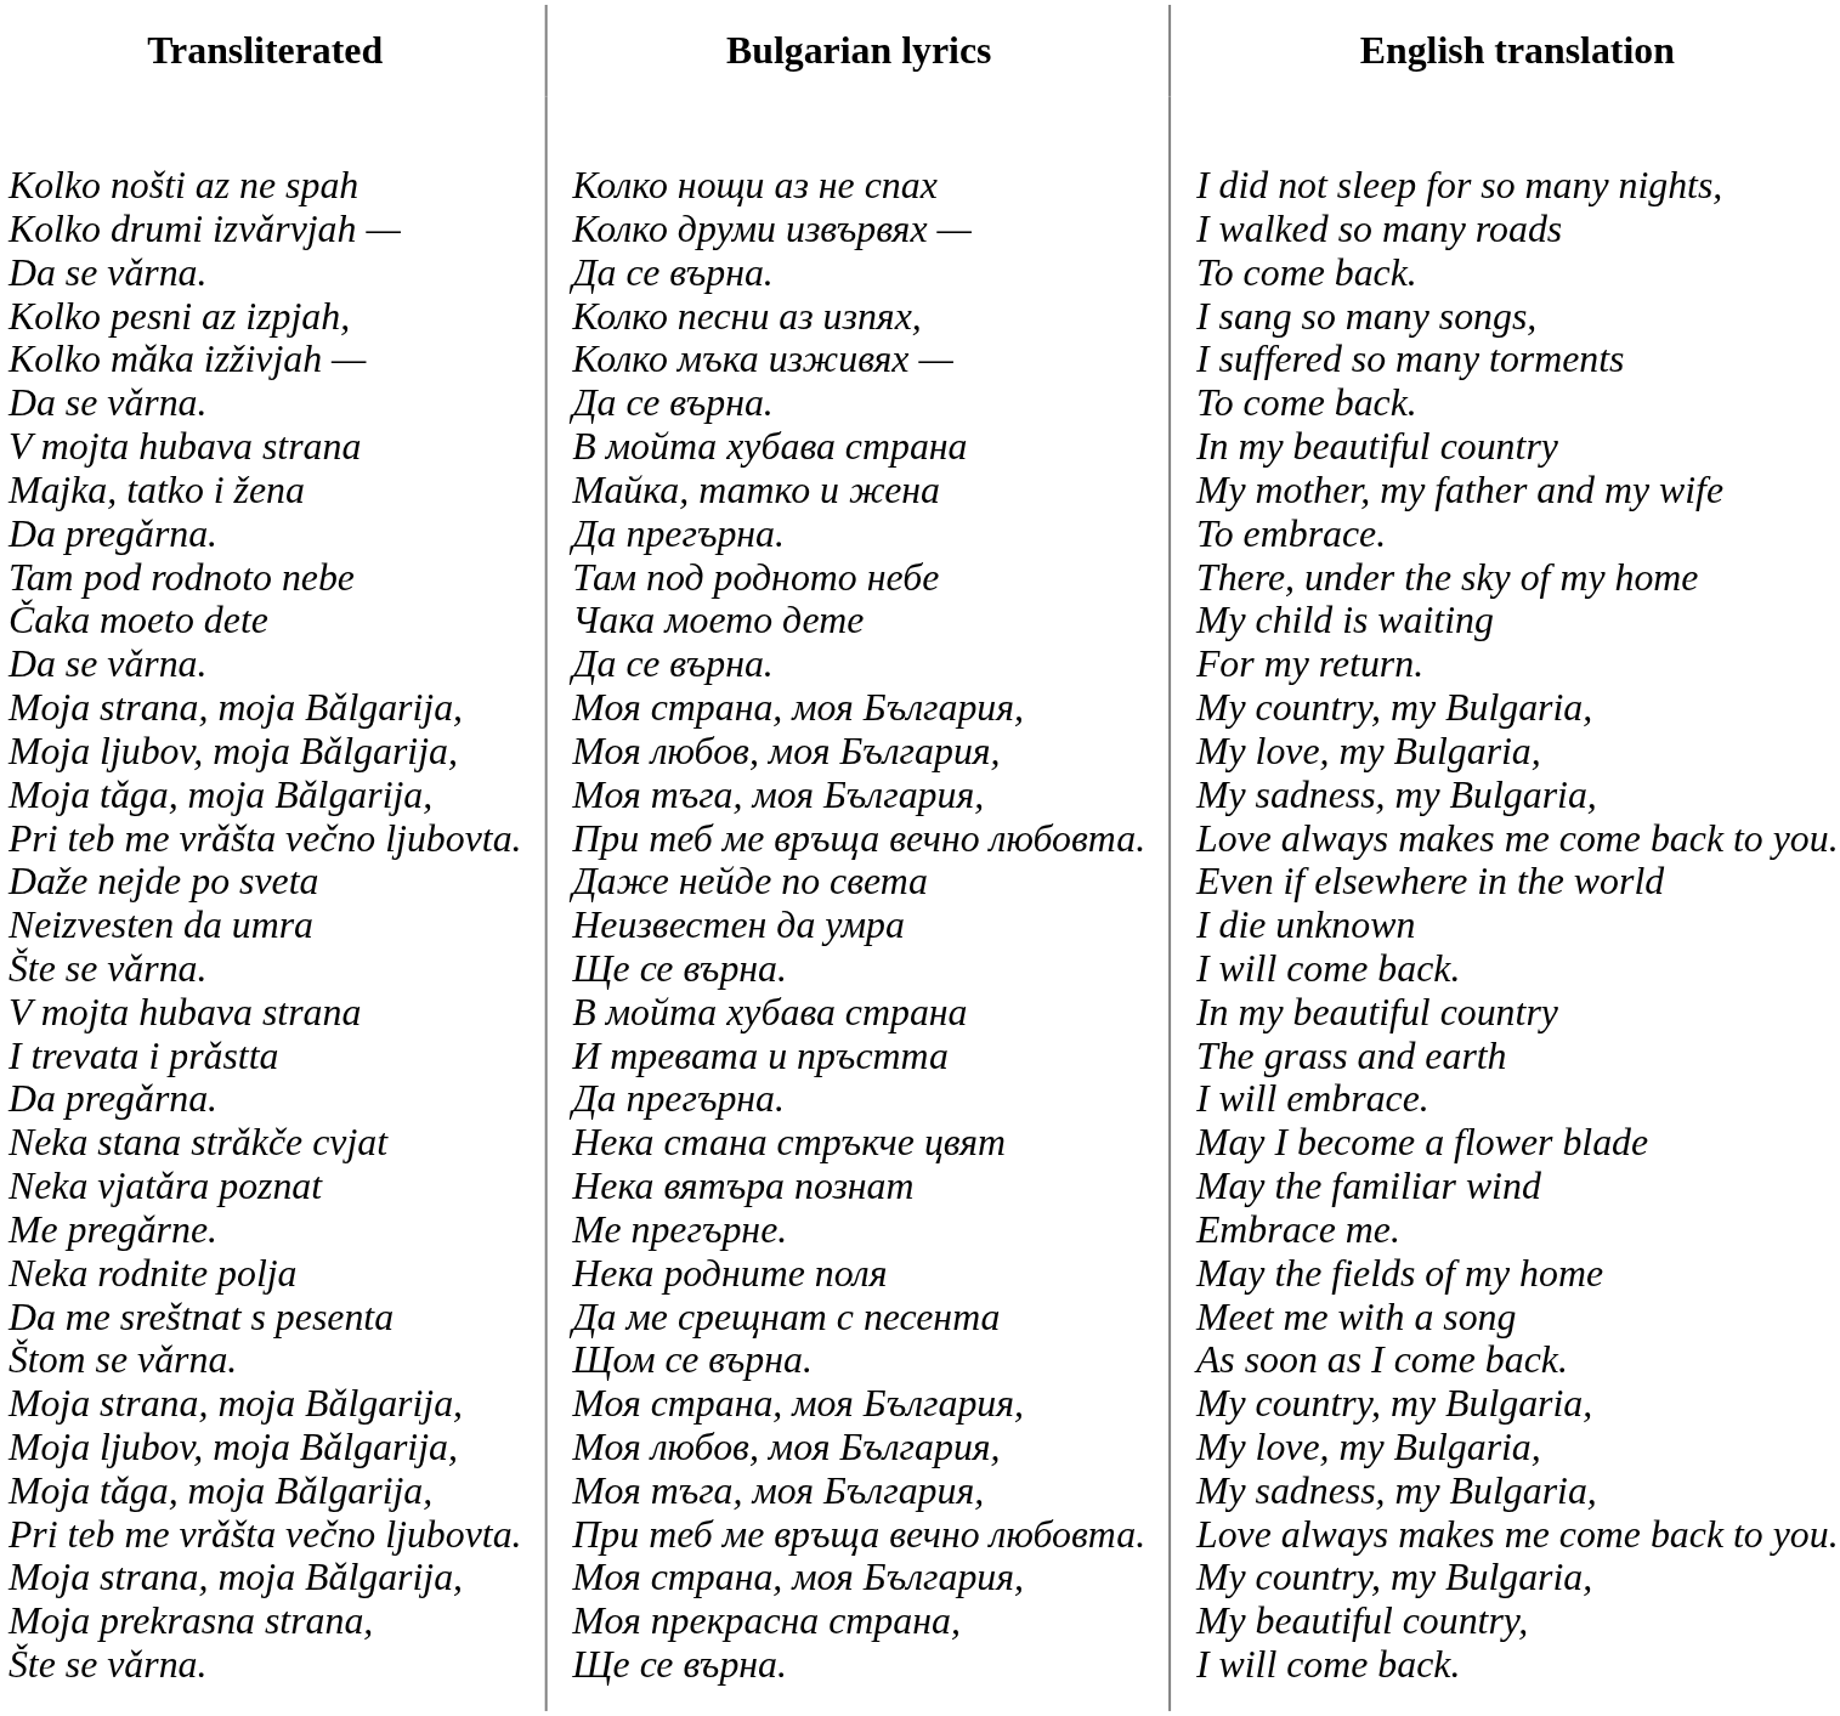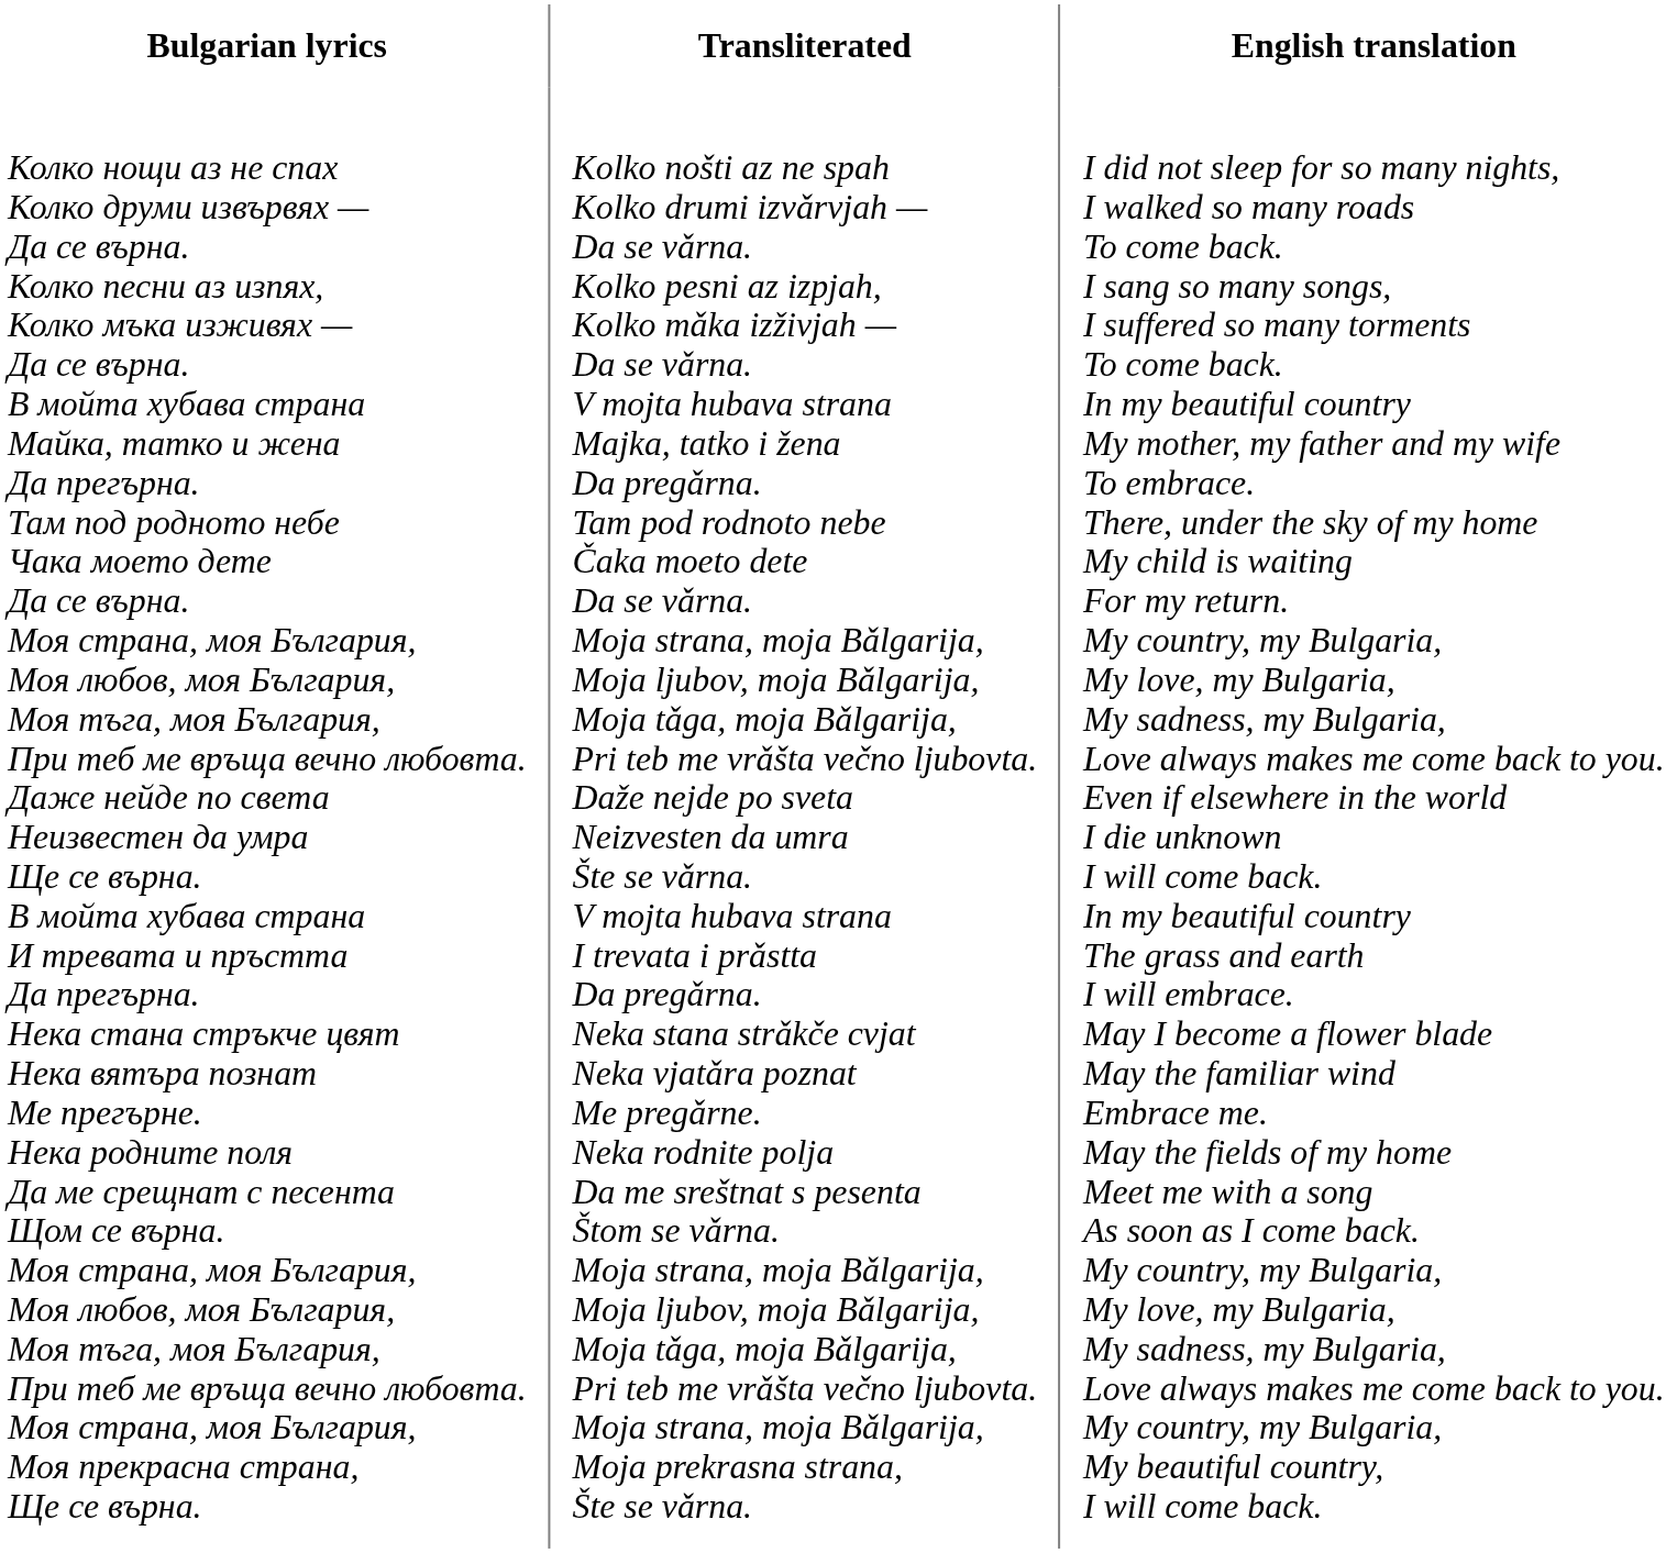 <table class="toccolours" cellpadding="10" rules="cols">
 <tr>
+<th>Bulgarian lyrics</th>
 <th>Transliterated</th>
-<th>Bulgarian lyrics</th>
 <th>English translation</th>
 </tr>
 <tr>
+<td><br><em> Колко нощи аз не спах</em> <br> <em> Колко друми извървях — </em> <br> <em> Да се върна.</em> <br> <em> Колко песни аз изпях,</em> <br> <em> Колко мъка изживях —</em> <br> <em> Да се върна.</em> <br> <em> В мойта хубава страна</em> <br> <em> Майка, татко и жена</em> <br> <em> Да прегърна.</em> <br> <em> Там под родното небе</em> <br> <em> Чака моето дете</em> <br> <em> Да се върна.</em><br><em> Моя страна, моя България,</em> <br> <em> Моя любов, моя България,</em> <br> <em> Моя тъга, моя България,</em> <br> <em> При теб ме връща вечно любовта.</em><br><em> Даже нейде по света</em> <br> <em> Неизвестен да умра</em> <br> <em> Ще се върна.</em> <br> <em> В мойта хубава страна</em> <br> <em> И тревата и пръстта</em> <br> <em> Да прегърна.</em> <br> <em> Нека стана стръкче цвят</em> <br> <em> Нека вятъра познат </em> <br> <em> Ме прегърне. </em> <br> <em> Нека родните поля</em> <br> <em> Да ме срещнат с песента</em> <br> <em> Щом се върна.</em><br><em> Моя страна, моя България,</em> <br> <em> Моя любов, моя България,</em> <br> <em> Моя тъга, моя България,</em> <br> <em> При теб ме връща вечно любовта.</em><br><em> Моя страна, моя България,</em> <br> <em> Моя прекрасна страна,</em> <br> <em> Ще се върна.</em> <br></td>
 <td><br><em> Kolko nošti az ne spah</em> <br> <em> Kolko drumi izvǎrvjah — </em> <br> <em> Da se vǎrna.</em> <br> <em> Kolko pesni az izpjah,</em> <br> <em> Kolko mǎka izživjah —</em> <br> <em> Da se vǎrna.</em> <br> <em> V mojta hubava strana</em> <br> <em> Majka, tatko i žena</em> <br> <em> Da pregǎrna.</em> <br> <em> Tam pod rodnoto nebe</em> <br> <em> Čaka moeto dete</em> <br> <em> Da se vǎrna.</em><br><em> Moja strana, moja Bǎlgarija,</em> <br> <em> Moja ljubov, moja Bǎlgarija,</em> <br> <em> Moja tǎga, moja Bǎlgarija,</em> <br> <em> Pri teb me vrǎšta večno ljubovta.</em><br><em> Daže nejde po sveta</em> <br> <em> Neizvesten da umra</em> <br> <em> Šte se vǎrna.</em> <br> <em> V mojta hubava strana</em> <br> <em> I trevata i prǎstta</em> <br> <em> Da pregǎrna.</em> <br> <em> Neka stana strǎkče cvjat</em> <br> <em> Neka vjatǎra poznat </em> <br> <em> Me pregǎrne. </em> <br> <em> Neka rodnite polja</em> <br> <em> Da me sreštnat s pesenta</em> <br> <em> Štom se vǎrna.</em><br><em> Moja strana, moja Bǎlgarija,</em> <br> <em> Moja ljubov, moja Bǎlgarija,</em> <br> <em> Moja tǎga, moja Bǎlgarija,</em> <br> <em> Pri teb me vrǎšta večno ljubovta.</em><br><em> Moja strana, moja Bǎlgarija,</em> <br> <em> Moja prekrasna strana,</em> <br> <em> Šte se vǎrna.</em> <br></td>
-<td><br><em> Колко нощи аз не спах</em> <br> <em> Колко друми извървях — </em> <br> <em> Да се върна.</em> <br> <em> Колко песни аз изпях,</em> <br> <em> Колко мъка изживях —</em> <br> <em> Да се върна.</em> <br> <em> В мойта хубава страна</em> <br> <em> Майка, татко и жена</em> <br> <em> Да прегърна.</em> <br> <em> Там под родното небе</em> <br> <em> Чака моето дете</em> <br> <em> Да се върна.</em><br><em> Моя страна, моя България,</em> <br> <em> Моя любов, моя България,</em> <br> <em> Моя тъга, моя България,</em> <br> <em> При теб ме връща вечно любовта.</em><br><em> Даже нейде по света</em> <br> <em> Неизвестен да умра</em> <br> <em> Ще се върна.</em> <br> <em> В мойта хубава страна</em> <br> <em> И тревата и пръстта</em> <br> <em> Да прегърна.</em> <br> <em> Нека стана стръкче цвят</em> <br> <em> Нека вятъра познат </em> <br> <em> Ме прегърне. </em> <br> <em> Нека родните поля</em> <br> <em> Да ме срещнат с песента</em> <br> <em> Щом се върна.</em><br><em> Моя страна, моя България,</em> <br> <em> Моя любов, моя България,</em> <br> <em> Моя тъга, моя България,</em> <br> <em> При теб ме връща вечно любовта.</em><br><em> Моя страна, моя България,</em> <br> <em> Моя прекрасна страна,</em> <br> <em> Ще се върна.</em> <br></td>
 <td><br><em> I did not sleep for so many nights,</em> <br> <em> I walked so many roads</em> <br> <em> To come back.</em> <br> <em> I sang so many songs,</em> <br> <em> I suffered so many torments </em> <br> <em> To come back.</em> <br> <em> In my beautiful country</em> <br> <em> My mother, my father and my wife</em> <br> <em> To embrace.</em> <br> <em> There, under the sky of my home</em> <br> <em> My child is waiting</em> <br> <em> For my return.</em><br><em> My country, my Bulgaria,</em> <br> <em> My love, my Bulgaria,</em> <br> <em> My sadness, my Bulgaria,</em> <br> <em> Love always makes me come back to you.</em><br><em> Even if elsewhere in the world</em> <br> <em> I die unknown</em> <br> <em> I will come back.</em> <br> <em> In my beautiful country</em> <br> <em> The grass and earth</em> <br> <em> I will embrace.</em> <br> <em> May I become a flower blade</em> <br> <em> May the familiar wind</em> <br> <em> Embrace me.</em> <br> <em> May the fields of my home</em> <br> <em> Meet me with a song</em> <br> <em> As soon as I come back.</em><br><em> My country, my Bulgaria,</em> <br> <em> My love, my Bulgaria,</em> <br> <em> My sadness, my Bulgaria,</em> <br> <em> Love always makes me come back to you.</em><br><em> My country, my Bulgaria,</em> <br> <em> My beautiful country,</em> <br> <em> I will come back.</em> <br></td>
 </tr>
 </table>
